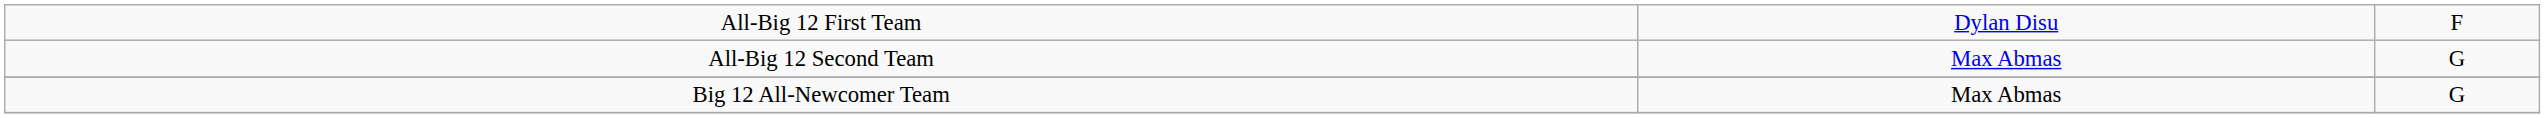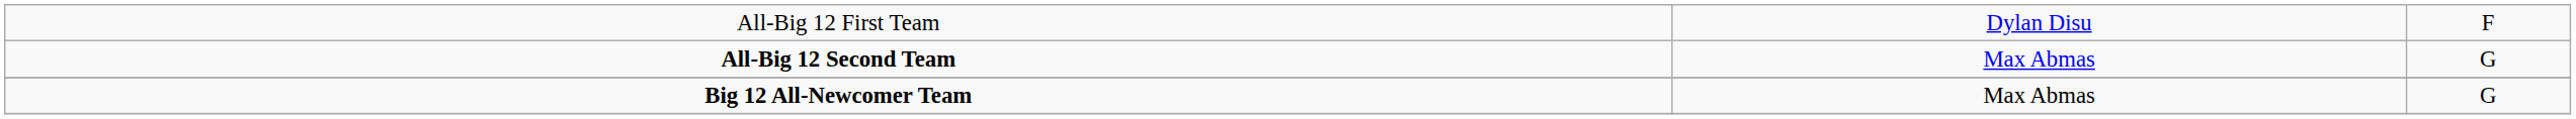 <table class="wikitable" style="width: 90%;text-align: center;">
 <tr align="center">
 <td rowspan="1">All-Big 12 First Team</td>
 <td><a href='#'>Dylan Disu</a></td>
 <td>F</td>
 </tr>
 <tr align="center">
-<td rowspan="1">All-Big 12 Second Team</td>
+<td rowspan="1"><strong>All-Big 12 Second Team</strong></td>
 <td><a href='#'>Max Abmas</a></td>
 <td>G</td>
 </tr>
 <tr>
 </tr>
 <tr align="center">
-<td rowspan="1">Big 12 All-Newcomer Team</td>
+<td rowspan="1"><strong>Big 12 All-Newcomer Team</strong></td>
 <td>Max Abmas</td>
 <td>G</td>
 </tr>
 <tr>
 </tr>
 </table>
